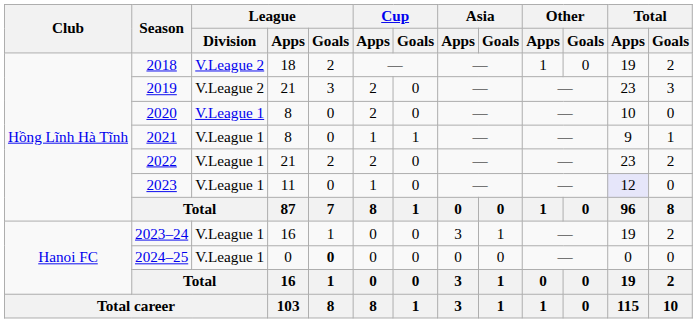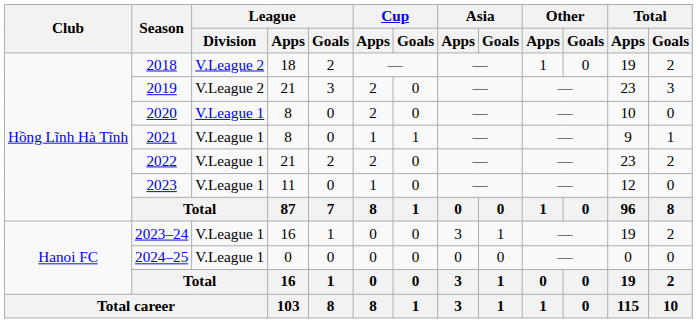 <table class="wikitable" style="text-align: center">
 <tr>
 <th rowspan=2>Club</th>
 <th rowspan=2>Season</th>
 <th colspan=3>League</th>
 <th colspan=2><a href='#'>Cup</a></th>
 <th colspan=2>Asia</th>
 <th colspan=2>Other</th>
 <th colspan=2>Total</th>
 </tr>
 <tr>
 <th>Division</th>
 <th>Apps</th>
 <th>Goals</th>
 <th>Apps</th>
 <th>Goals</th>
 <th>Apps</th>
 <th>Goals</th>
 <th>Apps</th>
 <th>Goals</th>
 <th>Apps</th>
 <th>Goals</th>
 </tr>
 <tr>
 <td rowspan="7"><a href='#'>Hồng Lĩnh Hà Tĩnh</a></td>
 <td><a href='#'>2018</a></td>
 <td><a href='#'>V.League 2</a></td>
 <td>18</td>
 <td>2</td>
 <td colspan="2">—</td>
 <td colspan=2>—</td>
 <td>1</td>
 <td>0</td>
 <td>19</td>
 <td>2</td>
 </tr>
 <tr>
 <td><a href='#'>2019</a></td>
 <td>V.League 2</td>
 <td>21</td>
 <td>3</td>
 <td>2</td>
 <td>0</td>
 <td colspan="2">—</td>
 <td colspan="2">—</td>
 <td>23</td>
 <td>3</td>
 </tr>
 <tr>
 <td><a href='#'>2020</a></td>
 <td><a href='#'>V.League 1</a></td>
 <td>8</td>
 <td>0</td>
 <td>2</td>
 <td>0</td>
 <td colspan="2">—</td>
 <td colspan="2">—</td>
 <td>10</td>
 <td>0</td>
 </tr>
 <tr>
 <td><a href='#'>2021</a></td>
 <td>V.League 1</td>
 <td>8</td>
 <td>0</td>
 <td>1</td>
 <td>1</td>
 <td colspan="2">—</td>
 <td colspan="2">—</td>
 <td>9</td>
 <td>1</td>
 </tr>
 <tr>
 <td><a href='#'>2022</a></td>
 <td>V.League 1</td>
 <td>21</td>
 <td>2</td>
 <td>2</td>
 <td>0</td>
 <td colspan="2">—</td>
 <td colspan="2">—</td>
 <td>23</td>
 <td>2</td>
 </tr>
 <tr>
 <td><a href='#'>2023</a></td>
 <td>V.League 1</td>
 <td>11</td>
 <td>0</td>
 <td>1</td>
 <td>0</td>
 <td colspan="2">—</td>
 <td colspan="2">—</td>
-<td style="background: lavender;">12</td>
+<td>12</td>
 <td>0</td>
 </tr>
 <tr>
 <th colspan="2">Total</th>
 <th>87</th>
 <th>7</th>
 <th>8</th>
 <th>1</th>
 <th>0</th>
 <th>0</th>
 <th>1</th>
 <th>0</th>
 <th>96</th>
 <th>8</th>
 </tr>
 <tr>
 <td rowspan=3><a href='#'>Hanoi FC</a></td>
 <td><a href='#'>2023–24</a></td>
 <td>V.League 1</td>
 <td>16</td>
 <td>1</td>
 <td>0</td>
 <td>0</td>
 <td>3</td>
 <td>1</td>
 <td colspan=2>—</td>
 <td>19</td>
 <td>2</td>
 </tr>
 <tr>
 <td><a href='#'>2024–25</a></td>
 <td>V.League 1</td>
 <td>0</td>
-<td><strong>0</strong></td>
+<td>0</td>
 <td>0</td>
 <td>0</td>
 <td>0</td>
 <td>0</td>
 <td colspan=2>—</td>
 <td>0</td>
 <td>0</td>
 </tr>
 <tr>
 <th colspan=2>Total</th>
 <th>16</th>
 <th>1</th>
 <th>0</th>
 <th>0</th>
 <th>3</th>
 <th>1</th>
 <th>0</th>
 <th>0</th>
 <th>19</th>
 <th>2</th>
 </tr>
 <tr>
 <th colspan="3">Total career</th>
 <th>103</th>
 <th>8</th>
 <th>8</th>
 <th>1</th>
 <th>3</th>
 <th>1</th>
 <th>1</th>
 <th>0</th>
 <th>115</th>
 <th>10</th>
 </tr>
 </table>
